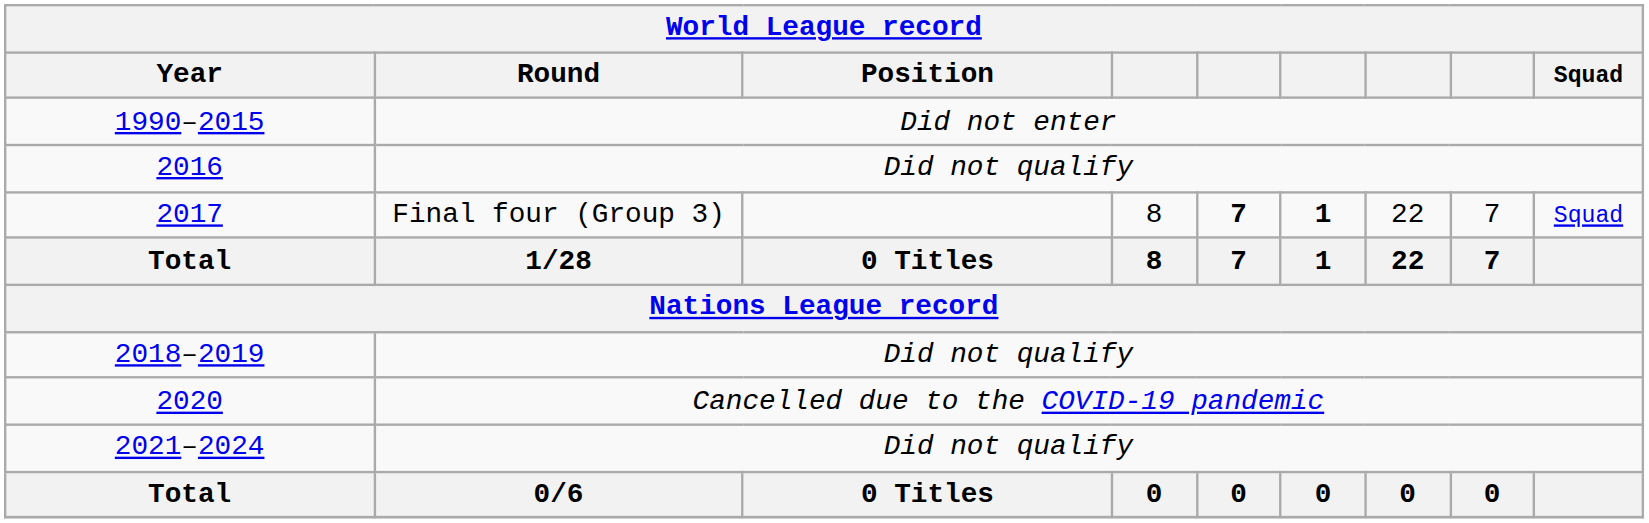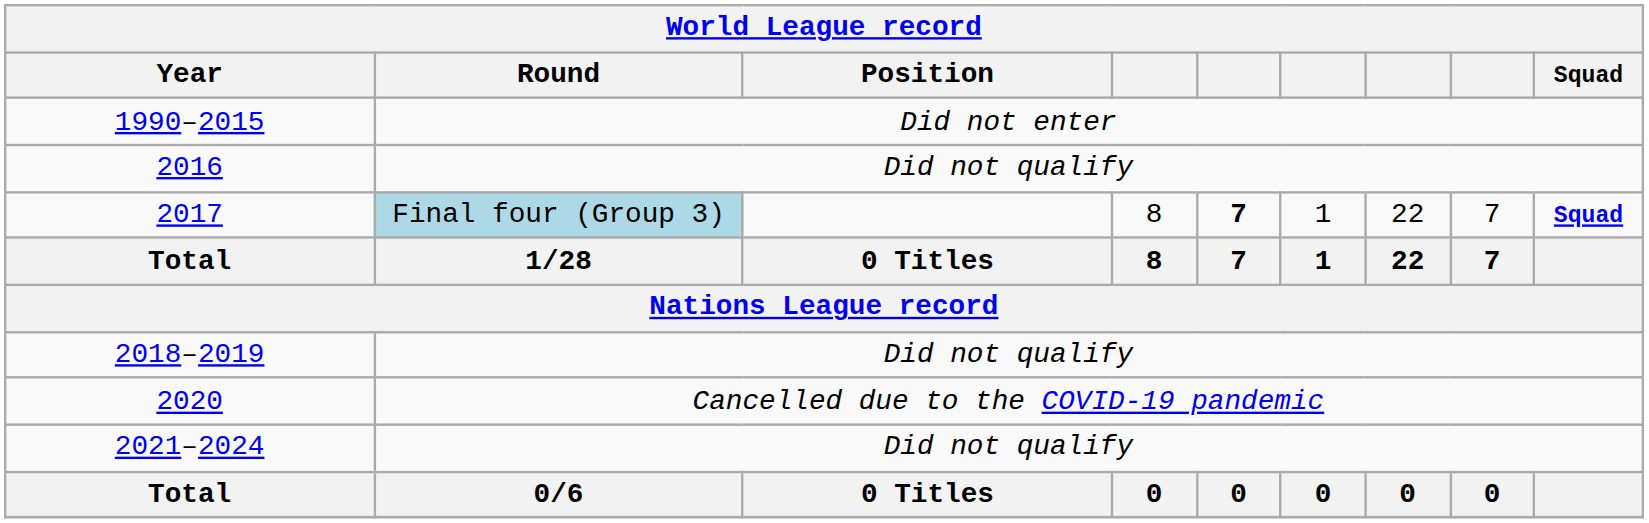 <table class="wikitable" style="text-align: center;font-size:90%;">
 <tr>
 <th colspan=9><a href='#'>World League record</a></th>
 </tr>
 <tr>
 <th width=150>Year</th>
 <th width=150>Round</th>
 <th width=150>Position</th>
 <th width=30></th>
 <th width=30></th>
 <th width=30></th>
 <th width=30></th>
 <th width=30></th>
 <th width=40><small>Squad</small></th>
 </tr>
 <tr>
 <td><a href='#'>1990</a>–<a href='#'>2015</a></td>
 <td colspan=8 align=center><em>Did not enter</em></td>
 </tr>
 <tr>
 <td> <a href='#'>2016</a></td>
 <td colspan=8 align=center><em>Did not qualify</em></td>
 </tr>
 <tr>
 <td> <a href='#'>2017</a></td>
-<td>Final four (Group 3)</td>
+<td style="background: lightblue;">Final four (Group 3)</td>
 <td> </td>
 <td>8</td>
 <td><strong>7</strong></td>
-<td><strong>1</strong></td>
+<td>1</td>
 <td>22</td>
 <td>7</td>
-<td><small><a href='#'>Squad</a></small></td>
+<td><strong><small><a href='#'>Squad</a></small></strong></td>
 </tr>
 <tr>
 <th>Total</th>
 <th>1/28</th>
 <th>0 Titles</th>
 <th>8</th>
 <th>7</th>
 <th>1</th>
 <th>22</th>
 <th>7</th>
 <th></th>
 </tr>
 <tr>
 <th colspan=9><a href='#'>Nations League record</a></th>
 </tr>
 <tr>
 <td><a href='#'>2018</a>–<a href='#'>2019</a></td>
 <td colspan=8 align=center><em>Did not qualify</em></td>
 </tr>
 <tr>
 <td> <a href='#'>2020</a></td>
 <td colspan=8 align=center><em>Cancelled due to the <a href='#'>COVID-19 pandemic</a></em></td>
 </tr>
 <tr>
 <td><a href='#'>2021</a>–<a href='#'>2024</a></td>
 <td colspan=8 align=center><em>Did not qualify</em></td>
 </tr>
 <tr>
 <th>Total</th>
 <th>0/6</th>
 <th>0 Titles</th>
 <th>0</th>
 <th>0</th>
 <th>0</th>
 <th>0</th>
 <th>0</th>
 <th></th>
 </tr>
 <tr>
 </tr>
 </table>
